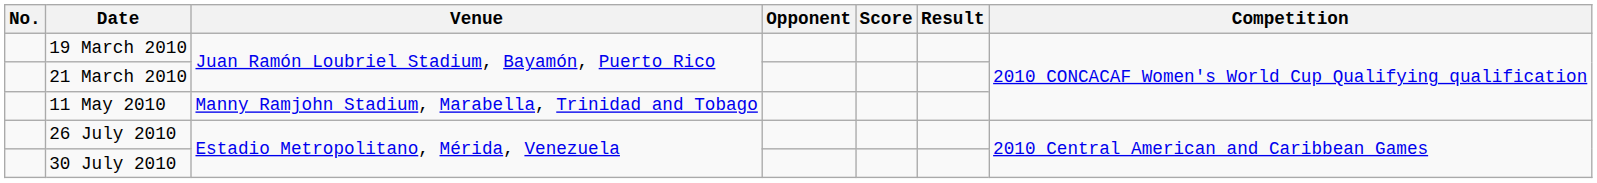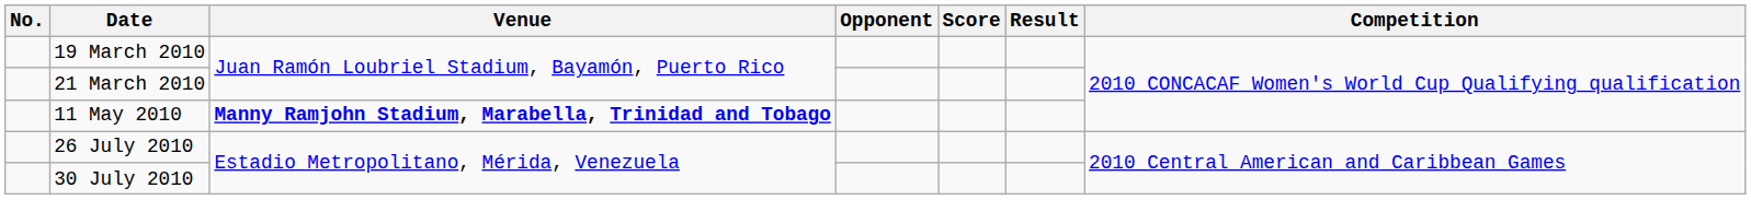 <table class="wikitable">
 <tr>
 <th>No.</th>
 <th>Date</th>
 <th>Venue</th>
 <th>Opponent</th>
 <th>Score</th>
 <th>Result</th>
 <th>Competition</th>
 </tr>
 <tr>
 <td></td>
 <td>19 March 2010</td>
 <td rowspan=2><a href='#'>Juan Ramón Loubriel Stadium</a>, <a href='#'>Bayamón</a>, <a href='#'>Puerto Rico</a></td>
 <td></td>
 <td></td>
 <td></td>
 <td rowspan=3><a href='#'>2010 CONCACAF Women's World Cup Qualifying qualification</a></td>
 </tr>
 <tr>
 <td></td>
 <td>21 March 2010</td>
 <td></td>
 <td></td>
 <td></td>
 </tr>
 <tr>
 <td></td>
 <td>11 May 2010</td>
-<td><a href='#'>Manny Ramjohn Stadium</a>, <a href='#'>Marabella</a>, <a href='#'>Trinidad and Tobago</a></td>
+<td><strong><a href='#'>Manny Ramjohn Stadium</a>, <a href='#'>Marabella</a>, <a href='#'>Trinidad and Tobago</a></strong></td>
 <td></td>
 <td></td>
 <td></td>
 </tr>
 <tr>
 <td></td>
 <td>26 July 2010</td>
 <td rowspan=2><a href='#'>Estadio Metropolitano</a>, <a href='#'>Mérida</a>, <a href='#'>Venezuela</a></td>
 <td></td>
 <td></td>
 <td></td>
 <td rowspan=2><a href='#'>2010 Central American and Caribbean Games</a></td>
 </tr>
 <tr>
 <td></td>
 <td>30 July 2010</td>
 <td></td>
 <td></td>
 <td></td>
 </tr>
 </table>
